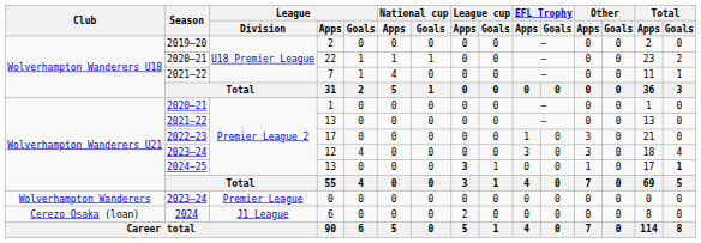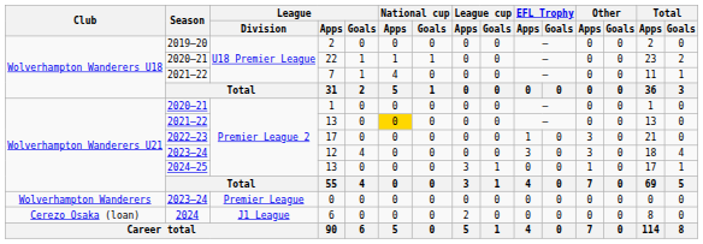 <table class="wikitable" style="text-align:center">
 <tr>
 <th rowspan="2">Club</th>
 <th rowspan="2">Season</th>
 <th colspan="3">League</th>
 <th colspan="2">National cup</th>
 <th colspan="2">League cup</th>
 <th colspan="2"><a href='#'>EFL Trophy</a></th>
 <th colspan="2">Other</th>
 <th colspan="2">Total</th>
 </tr>
 <tr>
 <th>Division</th>
 <th>Apps</th>
 <th>Goals</th>
 <th>Apps</th>
 <th>Goals</th>
 <th>Apps</th>
 <th>Goals</th>
 <th>Apps</th>
 <th>Goals</th>
 <th>Apps</th>
 <th>Goals</th>
 <th>Apps</th>
 <th>Goals</th>
 </tr>
 <tr>
 <td rowspan="4"><a href='#'>Wolverhampton Wanderers U18</a></td>
 <td>2019–20</td>
 <td rowspan="3"><a href='#'>U18 Premier League</a></td>
 <td>2</td>
 <td>0</td>
 <td>0</td>
 <td>0</td>
 <td>0</td>
 <td>0</td>
 <td colspan="2">–</td>
 <td>0</td>
 <td>0</td>
 <td>2</td>
 <td>0</td>
 </tr>
 <tr>
 <td>2020–21</td>
 <td>22</td>
 <td>1</td>
 <td>1</td>
 <td>1</td>
 <td>0</td>
 <td>0</td>
 <td colspan="2">–</td>
 <td>0</td>
 <td>0</td>
 <td>23</td>
 <td>2</td>
 </tr>
 <tr>
 <td>2021–22</td>
 <td>7</td>
 <td>1</td>
 <td>4</td>
 <td>0</td>
 <td>0</td>
 <td>0</td>
 <td colspan="2">–</td>
 <td>0</td>
 <td>0</td>
 <td>11</td>
 <td>1</td>
 </tr>
 <tr>
 <th colspan="2">Total</th>
 <th>31</th>
 <th>2</th>
 <th>5</th>
 <th>1</th>
 <th>0</th>
 <th>0</th>
 <th>0</th>
 <th>0</th>
 <th>0</th>
 <th>0</th>
 <th>36</th>
 <th>3</th>
 </tr>
 <tr>
 <td rowspan="6"><a href='#'>Wolverhampton Wanderers U21</a></td>
 <td><a href='#'>2020–21</a></td>
 <td rowspan="5"><a href='#'>Premier League 2</a></td>
 <td>1</td>
 <td>0</td>
 <td>0</td>
 <td>0</td>
 <td>0</td>
 <td>0</td>
 <td colspan="2">–</td>
 <td>0</td>
 <td>0</td>
 <td>1</td>
 <td>0</td>
 </tr>
 <tr>
 <td><a href='#'>2021–22</a></td>
 <td>13</td>
 <td>0</td>
-<td>0</td>
+<td style="background: gold;">0</td>
 <td>0</td>
 <td>0</td>
 <td>0</td>
 <td colspan="2">–</td>
 <td>0</td>
 <td>0</td>
 <td>13</td>
 <td>0</td>
 </tr>
 <tr>
 <td><a href='#'>2022–23</a></td>
 <td>17</td>
 <td>0</td>
 <td>0</td>
 <td>0</td>
 <td>0</td>
 <td>0</td>
 <td>1</td>
 <td>0</td>
 <td>3</td>
 <td>0</td>
 <td>21</td>
 <td>0</td>
 </tr>
 <tr>
 <td><a href='#'>2023–24</a></td>
 <td>12</td>
 <td>4</td>
 <td>0</td>
 <td>0</td>
 <td>0</td>
 <td>0</td>
 <td>3</td>
 <td>0</td>
 <td>3</td>
 <td>0</td>
 <td>18</td>
 <td>4</td>
 </tr>
 <tr>
 <td><a href='#'>2024–25</a></td>
 <td>13</td>
 <td>0</td>
 <td>0</td>
 <td>0</td>
-<td><strong>3</strong></td>
+<td>3</td>
 <td>1</td>
 <td>0</td>
 <td>0</td>
 <td>1</td>
 <td>0</td>
 <td>17</td>
-<td><strong>1</strong></td>
+<td>1</td>
 </tr>
 <tr>
 <th colspan="2">Total</th>
 <th>55</th>
 <th>4</th>
 <th>0</th>
 <th>0</th>
 <th>3</th>
 <th>1</th>
 <th>4</th>
 <th>0</th>
 <th>7</th>
 <th>0</th>
 <th>69</th>
 <th>5</th>
 </tr>
 <tr>
 <td><a href='#'>Wolverhampton Wanderers</a></td>
 <td><a href='#'>2023–24</a></td>
 <td rowspan="1"><a href='#'>Premier League</a></td>
 <td>0</td>
 <td>0</td>
 <td>0</td>
 <td>0</td>
 <td>0</td>
 <td>0</td>
 <td>0</td>
 <td>0</td>
 <td>0</td>
 <td>0</td>
 <td>0</td>
 <td>0</td>
 </tr>
 <tr>
 <td><a href='#'>Cerezo Osaka</a> (loan)</td>
 <td><a href='#'>2024</a></td>
 <td><a href='#'>J1 League</a></td>
 <td>6</td>
 <td>0</td>
 <td>0</td>
 <td>0</td>
 <td>2</td>
 <td>0</td>
 <td>0</td>
 <td>0</td>
 <td>0</td>
 <td>0</td>
 <td>8</td>
 <td>0</td>
 </tr>
 <tr>
 <th colspan="3">Career total</th>
 <th>90</th>
 <th>6</th>
 <th>5</th>
 <th>0</th>
 <th>5</th>
 <th>1</th>
 <th>4</th>
 <th>0</th>
 <th>7</th>
 <th>0</th>
 <th>114</th>
 <th>8</th>
 </tr>
 </table>
